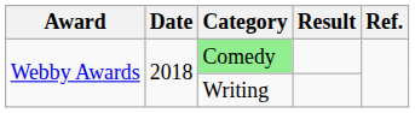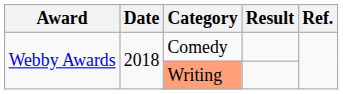 <table class="wikitable sortable">
 <tr>
 <th>Award</th>
 <th>Date</th>
 <th>Category</th>
 <th>Result</th>
 <th>Ref.</th>
 </tr>
 <tr>
 <td rowspan="2"><a href='#'>Webby Awards</a></td>
 <td rowspan="2">2018</td>
-<td style="background: lightgreen;">Comedy</td>
+<td>Comedy</td>
 <td></td>
 <td rowspan="2"></td>
 </tr>
 <tr>
-<td>Writing</td>
+<td style="background: lightsalmon;">Writing</td>
 <td></td>
 </tr>
 </table>
